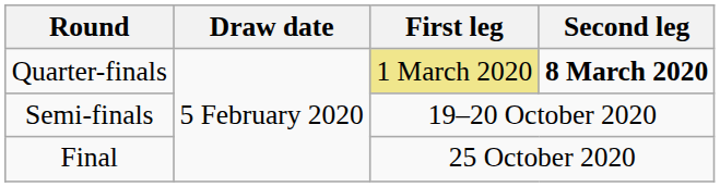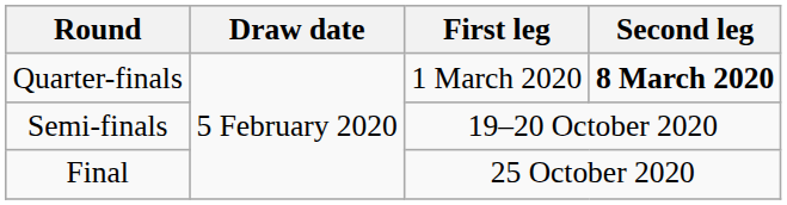 <table class="wikitable" style="text-align:center">
 <tr>
 <th>Round</th>
 <th>Draw date</th>
 <th>First leg</th>
 <th>Second leg</th>
 </tr>
 <tr>
 <td>Quarter-finals</td>
 <td rowspan=3>5 February 2020</td>
-<td style="background: khaki;">1 March 2020</td>
+<td>1 March 2020</td>
 <td><strong>8 March 2020</strong></td>
 </tr>
 <tr>
 <td>Semi-finals</td>
 <td colspan=2>19–20 October 2020</td>
 </tr>
 <tr>
 <td>Final</td>
 <td colspan=2>25 October 2020</td>
 </tr>
 </table>
